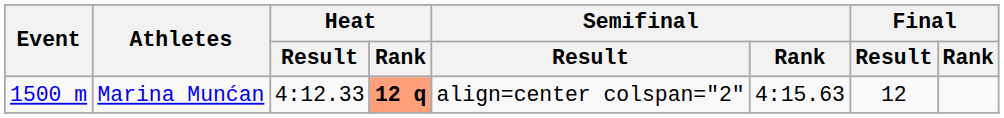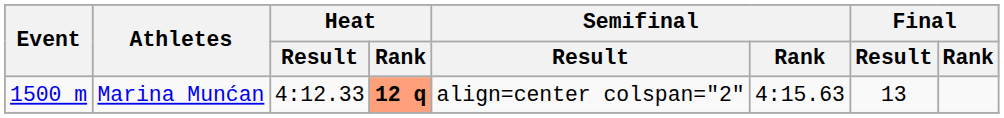 <table class="wikitable" border="1" style="font-size:90%">
 <tr>
 <th rowspan="2">Event</th>
 <th rowspan="2">Athletes</th>
 <th colspan="2">Heat</th>
 <th colspan="2">Semifinal</th>
 <th colspan="2">Final</th>
 </tr>
 <tr>
 <th>Result</th>
 <th>Rank</th>
 <th>Result</th>
 <th>Rank</th>
 <th>Result</th>
 <th>Rank</th>
 </tr>
 <tr>
 <td><a href='#'>1500 m</a></td>
 <td><a href='#'>Marina Munćan</a></td>
 <td align=center>4:12.33</td>
 <td align=center style="background: lightsalmon;"><strong>12 q</strong></td>
 <td>align=center colspan="2" </td>
 <td align=center>4:15.63</td>
-<td align=center>12</td>
+<td align=center>13</td>
 </tr>
 </table>
